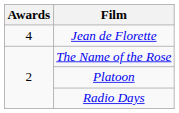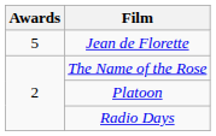 <table class="wikitable" style="text-align:center;">
 <tr>
 <th style="background:">Awards</th>
 <th style="background:">Film</th>
 </tr>
 <tr>
-<td>4</td>
+<td>5</td>
 <td><em><a href='#'>Jean de Florette</a></em></td>
 </tr>
 <tr>
 <td rowspan="3">2</td>
 <td><em><a href='#'>The Name of the Rose</a></em></td>
 </tr>
 <tr>
 <td><em><a href='#'>Platoon</a></em></td>
 </tr>
 <tr>
 <td><em><a href='#'>Radio Days</a></em></td>
 </tr>
 </table>
